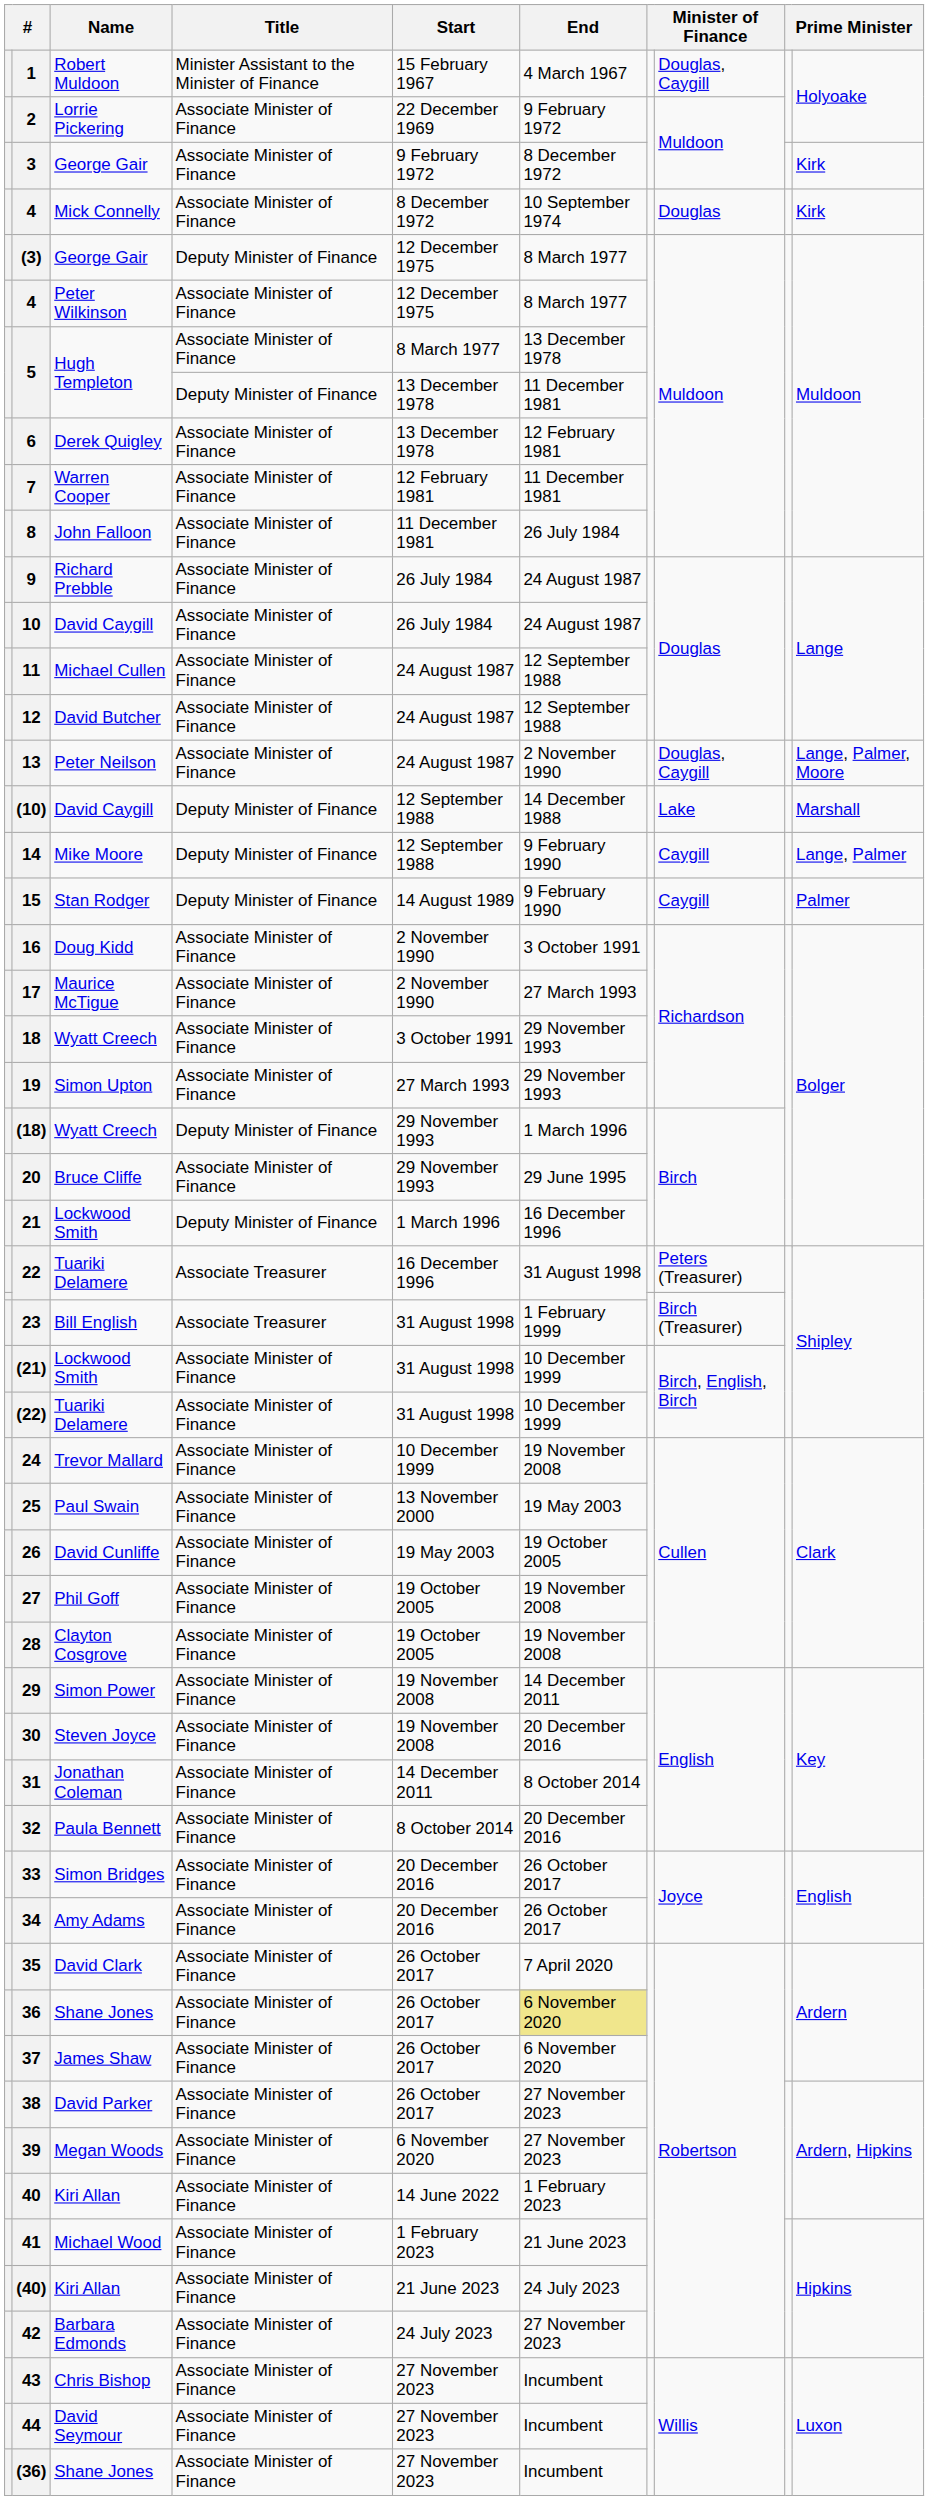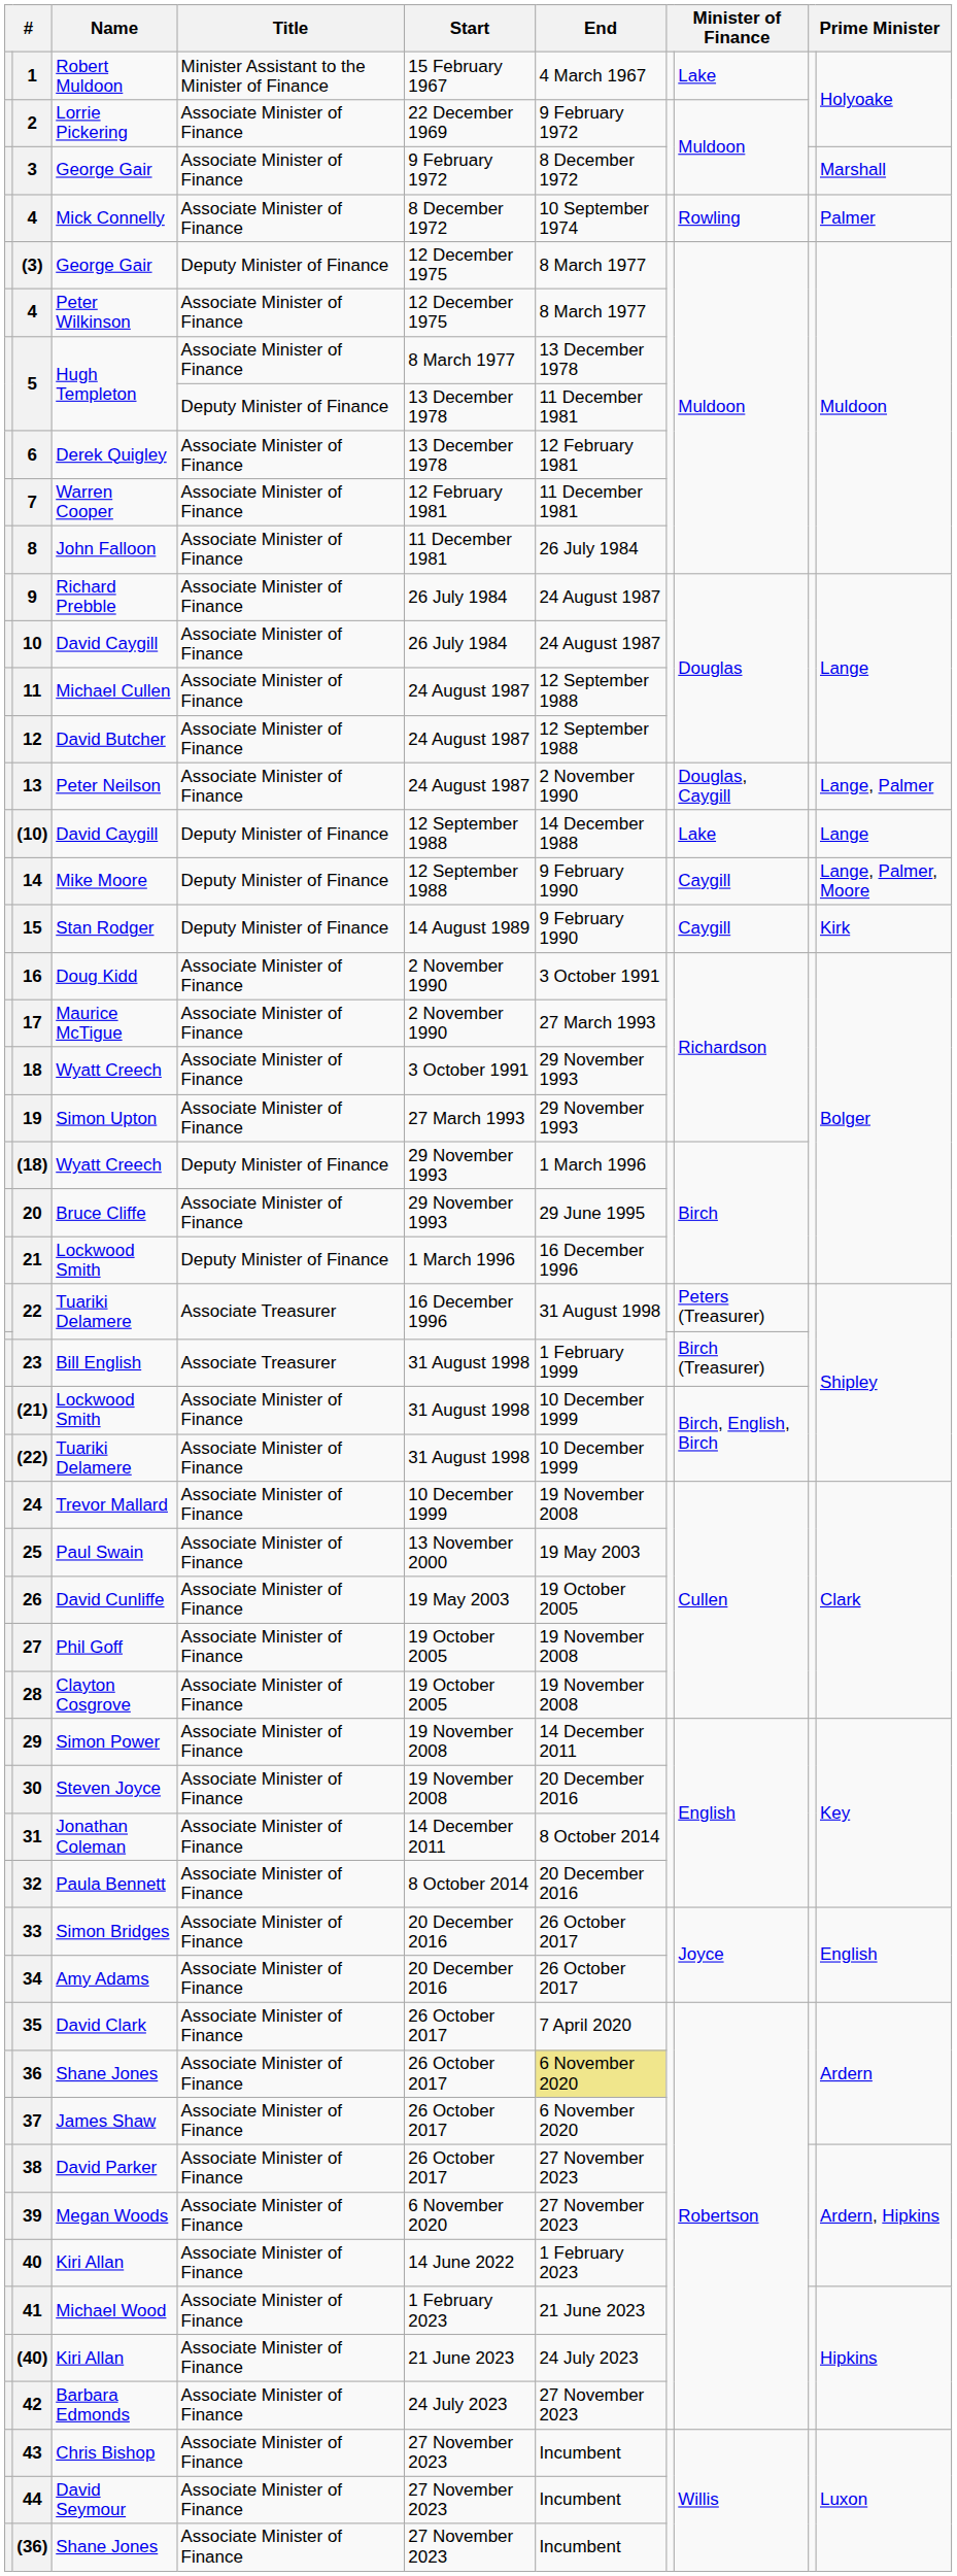 <table class="wikitable">
 <tr>
 <th colspan="2">#</th>
 <th>Name</th>
 <th>Title</th>
 <th>Start</th>
 <th>End</th>
 <th colspan="2">Minister of Finance</th>
 <th colspan="2">Prime Minister</th>
 </tr>
 <tr>
 <th style="color:inherit;background:"></th>
 <th>1</th>
 <td><a href='#'>Robert Muldoon</a></td>
 <td>Minister Assistant to the Minister of Finance</td>
 <td>15 February 1967</td>
 <td>4 March 1967</td>
 <td style="color:inherit;background:"></td>
-<td><a href='#'>Douglas</a>, <a href='#'>Caygill</a></td>
+<td><a href='#'>Lake</a></td>
 <td rowspan="2" style="color:inherit;background:"></td>
 <td rowspan="2"><a href='#'>Holyoake</a></td>
 </tr>
 <tr>
 <th style="color:inherit;background:"></th>
 <th>2</th>
 <td><a href='#'>Lorrie Pickering</a></td>
 <td>Associate Minister of Finance</td>
 <td>22 December 1969</td>
 <td>9 February 1972</td>
 <td rowspan="2" style="color:inherit;background:"></td>
 <td rowspan="2"><a href='#'>Muldoon</a></td>
 </tr>
 <tr>
 <th style="color:inherit;background:"></th>
 <th>3</th>
 <td><a href='#'>George Gair</a></td>
 <td>Associate Minister of Finance</td>
 <td>9 February 1972</td>
 <td>8 December 1972</td>
 <td style="color:inherit;background:"></td>
-<td><a href='#'>Kirk</a></td>
+<td><a href='#'>Marshall</a></td>
 </tr>
 <tr>
 <th style="color:inherit;background:"></th>
 <th>4</th>
 <td><a href='#'>Mick Connelly</a></td>
 <td>Associate Minister of Finance</td>
 <td>8 December 1972</td>
 <td>10 September 1974</td>
 <td style="color:inherit;background:"></td>
-<td><a href='#'>Douglas</a></td>
+<td><a href='#'>Rowling</a></td>
 <td style="color:inherit;background:"></td>
-<td><a href='#'>Kirk</a></td>
+<td><a href='#'>Palmer</a></td>
 </tr>
 <tr>
 <th style="color:inherit;background:"></th>
 <th>(3)</th>
 <td><a href='#'>George Gair</a></td>
 <td>Deputy Minister of Finance</td>
 <td>12 December 1975</td>
 <td>8 March 1977</td>
 <td rowspan="7" style="color:inherit;background:"></td>
 <td rowspan="7"><a href='#'>Muldoon</a></td>
 <td rowspan="7" style="color:inherit;background:"></td>
 <td rowspan="7"><a href='#'>Muldoon</a></td>
 </tr>
 <tr>
 <th style="color:inherit;background:"></th>
 <th>4</th>
 <td><a href='#'>Peter Wilkinson</a></td>
 <td>Associate Minister of Finance</td>
 <td>12 December 1975</td>
 <td>8 March 1977</td>
 </tr>
 <tr>
 <th rowspan="2" style="color:inherit;background:"></th>
 <th rowspan="2">5</th>
 <td rowspan="2"><a href='#'>Hugh Templeton</a></td>
 <td>Associate Minister of Finance</td>
 <td>8 March 1977</td>
 <td>13 December 1978</td>
 </tr>
 <tr>
 <td>Deputy Minister of Finance</td>
 <td>13 December 1978</td>
 <td>11 December 1981</td>
 </tr>
 <tr>
 <th style="color:inherit;background:"></th>
 <th>6</th>
 <td><a href='#'>Derek Quigley</a></td>
 <td>Associate Minister of Finance</td>
 <td>13 December 1978</td>
 <td>12 February 1981</td>
 </tr>
 <tr>
 <th style="color:inherit;background:"></th>
 <th>7</th>
 <td><a href='#'>Warren Cooper</a></td>
 <td>Associate Minister of Finance</td>
 <td>12 February 1981</td>
 <td>11 December 1981</td>
 </tr>
 <tr>
 <th style="color:inherit;background:"></th>
 <th>8</th>
 <td><a href='#'>John Falloon</a></td>
 <td>Associate Minister of Finance</td>
 <td>11 December 1981</td>
 <td>26 July 1984</td>
 </tr>
 <tr>
 <th style="color:inherit;background:"></th>
 <th>9</th>
 <td><a href='#'>Richard Prebble</a></td>
 <td>Associate Minister of Finance</td>
 <td>26 July 1984</td>
 <td>24 August 1987</td>
 <td rowspan="4" style="color:inherit;background:"></td>
 <td rowspan="4"><a href='#'>Douglas</a></td>
 <td rowspan="4" style="color:inherit;background:"></td>
 <td rowspan="4"><a href='#'>Lange</a></td>
 </tr>
 <tr>
 <th style="color:inherit;background:"></th>
 <th>10</th>
 <td><a href='#'>David Caygill</a></td>
 <td>Associate Minister of Finance</td>
 <td>26 July 1984</td>
 <td>24 August 1987</td>
 </tr>
 <tr>
 <th style="color:inherit;background:"></th>
 <th>11</th>
 <td><a href='#'>Michael Cullen</a></td>
 <td>Associate Minister of Finance</td>
 <td>24 August 1987</td>
 <td>12 September 1988</td>
 </tr>
 <tr>
 <th style="color:inherit;background:"></th>
 <th>12</th>
 <td><a href='#'>David Butcher</a></td>
 <td>Associate Minister of Finance</td>
 <td>24 August 1987</td>
 <td>12 September 1988</td>
 </tr>
 <tr>
 <th style="color:inherit;background:"></th>
 <th>13</th>
 <td><a href='#'>Peter Neilson</a></td>
 <td>Associate Minister of Finance</td>
 <td>24 August 1987</td>
 <td>2 November 1990</td>
 <td style="color:inherit;background:"></td>
 <td><a href='#'>Douglas</a>, <a href='#'>Caygill</a></td>
 <td style="color:inherit;background:"></td>
-<td><a href='#'>Lange</a>, <a href='#'>Palmer</a>, <a href='#'>Moore</a></td>
+<td><a href='#'>Lange</a>, <a href='#'>Palmer</a></td>
 </tr>
 <tr>
 <th style="color:inherit;background:"></th>
 <th>(10)</th>
 <td><a href='#'>David Caygill</a></td>
 <td>Deputy Minister of Finance</td>
 <td>12 September 1988</td>
 <td>14 December 1988</td>
 <td style="color:inherit;background:"></td>
 <td><a href='#'>Lake</a></td>
 <td style="color:inherit;background:"></td>
-<td><a href='#'>Marshall</a></td>
+<td><a href='#'>Lange</a></td>
 </tr>
 <tr>
 <th style="color:inherit;background:"></th>
 <th>14</th>
 <td><a href='#'>Mike Moore</a></td>
 <td>Deputy Minister of Finance</td>
 <td>12 September 1988</td>
 <td>9 February 1990</td>
 <td style="color:inherit;background:"></td>
 <td><a href='#'>Caygill</a></td>
 <td style="color:inherit;background:"></td>
-<td><a href='#'>Lange</a>, <a href='#'>Palmer</a></td>
+<td><a href='#'>Lange</a>, <a href='#'>Palmer</a>, <a href='#'>Moore</a></td>
 </tr>
 <tr>
 <th style="color:inherit;background:"></th>
 <th>15</th>
 <td><a href='#'>Stan Rodger</a></td>
 <td>Deputy Minister of Finance</td>
 <td>14 August 1989</td>
 <td>9 February 1990</td>
 <td style="color:inherit;background:"></td>
 <td><a href='#'>Caygill</a></td>
 <td style="color:inherit;background:"></td>
-<td><a href='#'>Palmer</a></td>
+<td><a href='#'>Kirk</a></td>
 </tr>
 <tr>
 <th style="color:inherit;background:"></th>
 <th>16</th>
 <td><a href='#'>Doug Kidd</a></td>
 <td>Associate Minister of Finance</td>
 <td>2 November 1990</td>
 <td>3 October 1991</td>
 <td rowspan="4" style="color:inherit;background:"></td>
 <td rowspan="4"><a href='#'>Richardson</a></td>
 <td rowspan="8" style="color:inherit;background:"></td>
 <td rowspan="8"><a href='#'>Bolger</a></td>
 </tr>
 <tr>
 <th style="color:inherit;background:"></th>
 <th>17</th>
 <td><a href='#'>Maurice McTigue</a></td>
 <td>Associate Minister of Finance</td>
 <td>2 November 1990</td>
 <td>27 March 1993</td>
 </tr>
 <tr>
 <th style="color:inherit;background:"></th>
 <th>18</th>
 <td><a href='#'>Wyatt Creech</a></td>
 <td>Associate Minister of Finance</td>
 <td>3 October 1991</td>
 <td>29 November 1993</td>
 </tr>
 <tr>
 <th style="color:inherit;background:"></th>
 <th>19</th>
 <td><a href='#'>Simon Upton</a></td>
 <td>Associate Minister of Finance</td>
 <td>27 March 1993</td>
 <td>29 November 1993</td>
 </tr>
 <tr>
 <th style="color:inherit;background:"></th>
 <th>(18)</th>
 <td><a href='#'>Wyatt Creech</a></td>
 <td>Deputy Minister of Finance</td>
 <td>29 November 1993</td>
 <td>1 March 1996</td>
 <td rowspan="3" style="color:inherit;background:"></td>
 <td rowspan="3"><a href='#'>Birch</a></td>
 </tr>
 <tr>
 <th style="color:inherit;background:"></th>
 <th>20</th>
 <td><a href='#'>Bruce Cliffe</a></td>
 <td>Associate Minister of Finance</td>
 <td>29 November 1993</td>
 <td>29 June 1995</td>
 </tr>
 <tr>
 <th style="color:inherit;background:"></th>
 <th>21</th>
 <td><a href='#'>Lockwood Smith</a></td>
 <td>Deputy Minister of Finance</td>
 <td>1 March 1996</td>
 <td>16 December 1996</td>
 </tr>
 <tr>
 <th rowspan="2" style="color:inherit;background:"></th>
 <th rowspan="3">22</th>
 <td rowspan="3"><a href='#'>Tuariki Delamere</a></td>
 <td rowspan="3">Associate Treasurer</td>
 <td rowspan="3">16 December 1996</td>
 <td rowspan="3">31 August 1998</td>
 <td rowspan="2" style="color:inherit;background:"></td>
 <td rowspan="2"><a href='#'>Peters</a> (Treasurer)</td>
 </tr>
 <tr>
 <td rowspan="5" style="color:inherit;background:"></td>
 <td rowspan="5"><a href='#'>Shipley</a></td>
 </tr>
 <tr>
 <th style="color:inherit;background:"></th>
 <td rowspan="2" style="color:inherit;background:"></td>
 <td rowspan="2"><a href='#'>Birch</a> (Treasurer)</td>
 </tr>
 <tr>
 <th style="color:inherit;background:"></th>
 <th>23</th>
 <td><a href='#'>Bill English</a></td>
 <td>Associate Treasurer</td>
 <td>31 August 1998</td>
 <td>1 February 1999</td>
 </tr>
 <tr>
 <th style="color:inherit;background:"></th>
 <th>(21)</th>
 <td><a href='#'>Lockwood Smith</a></td>
 <td>Associate Minister of Finance</td>
 <td>31 August 1998</td>
 <td>10 December 1999</td>
 <td rowspan="2" style="color:inherit;background:"></td>
 <td rowspan="2"><a href='#'>Birch</a>, <a href='#'>English</a>, <a href='#'>Birch</a></td>
 </tr>
 <tr>
 <th style="color:inherit;background:"></th>
 <th>(22)</th>
 <td><a href='#'>Tuariki Delamere</a></td>
 <td>Associate Minister of Finance</td>
 <td>31 August 1998</td>
 <td>10 December 1999</td>
 </tr>
 <tr>
 <th style="color:inherit;background:"></th>
 <th>24</th>
 <td><a href='#'>Trevor Mallard</a></td>
 <td>Associate Minister of Finance</td>
 <td>10 December 1999</td>
 <td>19 November 2008</td>
 <td rowspan="5" style="color:inherit;background:"></td>
 <td rowspan="5"><a href='#'>Cullen</a></td>
 <td rowspan="5" style="color:inherit;background:"></td>
 <td rowspan="5"><a href='#'>Clark</a></td>
 </tr>
 <tr>
 <th style="color:inherit;background:"></th>
 <th>25</th>
 <td><a href='#'>Paul Swain</a></td>
 <td>Associate Minister of Finance</td>
 <td>13 November 2000</td>
 <td>19 May 2003</td>
 </tr>
 <tr>
 <th style="color:inherit;background:"></th>
 <th>26</th>
 <td><a href='#'>David Cunliffe</a></td>
 <td>Associate Minister of Finance</td>
 <td>19 May 2003</td>
 <td>19 October 2005</td>
 </tr>
 <tr>
 <th style="color:inherit;background:"></th>
 <th>27</th>
 <td><a href='#'>Phil Goff</a></td>
 <td>Associate Minister of Finance</td>
 <td>19 October 2005</td>
 <td>19 November 2008</td>
 </tr>
 <tr>
 <th style="color:inherit;background:"></th>
 <th>28</th>
 <td><a href='#'>Clayton Cosgrove</a></td>
 <td>Associate Minister of Finance</td>
 <td>19 October 2005</td>
 <td>19 November 2008</td>
 </tr>
 <tr>
 <th style="color:inherit;background:"></th>
 <th>29</th>
 <td><a href='#'>Simon Power</a></td>
 <td>Associate Minister of Finance</td>
 <td>19 November 2008</td>
 <td>14 December 2011</td>
 <td rowspan="4" style="color:inherit;background:"></td>
 <td rowspan="4"><a href='#'>English</a></td>
 <td rowspan="4" style="color:inherit;background:"></td>
 <td rowspan="4"><a href='#'>Key</a></td>
 </tr>
 <tr>
 <th style="color:inherit;background:"></th>
 <th>30</th>
 <td><a href='#'>Steven Joyce</a></td>
 <td>Associate Minister of Finance</td>
 <td>19 November 2008</td>
 <td>20 December 2016</td>
 </tr>
 <tr>
 <th style="color:inherit;background:"></th>
 <th>31</th>
 <td><a href='#'>Jonathan Coleman</a></td>
 <td>Associate Minister of Finance</td>
 <td>14 December 2011</td>
 <td>8 October 2014</td>
 </tr>
 <tr>
 <th style="color:inherit;background:"></th>
 <th>32</th>
 <td><a href='#'>Paula Bennett</a></td>
 <td>Associate Minister of Finance</td>
 <td>8 October 2014</td>
 <td>20 December 2016</td>
 </tr>
 <tr>
 <th style="color:inherit;background:"></th>
 <th>33</th>
 <td><a href='#'>Simon Bridges</a></td>
 <td>Associate Minister of Finance</td>
 <td>20 December 2016</td>
 <td>26 October 2017</td>
 <td rowspan="2" style="color:inherit;background:"></td>
 <td rowspan="2"><a href='#'>Joyce</a></td>
 <td rowspan="2" style="color:inherit;background:"></td>
 <td rowspan="2"><a href='#'>English</a></td>
 </tr>
 <tr>
 <th style="color:inherit;background:"></th>
 <th>34</th>
 <td><a href='#'>Amy Adams</a></td>
 <td>Associate Minister of Finance</td>
 <td>20 December 2016</td>
 <td>26 October 2017</td>
 </tr>
 <tr>
 <th style="color:inherit;background:"></th>
 <th>35</th>
 <td><a href='#'>David Clark</a></td>
 <td>Associate Minister of Finance</td>
 <td>26 October 2017</td>
 <td>7 April 2020</td>
 <td rowspan="9" style="color:inherit;background:"></td>
 <td rowspan="9"><a href='#'>Robertson</a></td>
 <td rowspan="3" style="color:inherit;background:"></td>
 <td rowspan="3"><a href='#'>Ardern</a></td>
 </tr>
 <tr>
 <th style="color:inherit;background:"></th>
 <th>36</th>
 <td><a href='#'>Shane Jones</a></td>
 <td>Associate Minister of Finance</td>
 <td>26 October 2017</td>
 <td style="background: khaki;">6 November 2020</td>
 </tr>
 <tr>
 <th style="color:inherit;background:"></th>
 <th>37</th>
 <td><a href='#'>James Shaw</a></td>
 <td>Associate Minister of Finance</td>
 <td>26 October 2017</td>
 <td>6 November 2020</td>
 </tr>
 <tr>
 <th style="color:inherit;background:"></th>
 <th>38</th>
 <td><a href='#'>David Parker</a></td>
 <td>Associate Minister of Finance</td>
 <td>26 October 2017</td>
 <td>27 November 2023</td>
 <td rowspan="3" style="color:inherit;background:"></td>
 <td rowspan="3"><a href='#'>Ardern</a>, <a href='#'>Hipkins</a></td>
 </tr>
 <tr>
 <th style="color:inherit;background:"></th>
 <th>39</th>
 <td><a href='#'>Megan Woods</a></td>
 <td>Associate Minister of Finance</td>
 <td>6 November 2020</td>
 <td>27 November 2023</td>
 </tr>
 <tr>
 <th style="color:inherit;background:"></th>
 <th>40</th>
 <td><a href='#'>Kiri Allan</a></td>
 <td>Associate Minister of Finance</td>
 <td>14 June 2022</td>
 <td>1 February 2023</td>
 </tr>
 <tr>
 <th style="color:inherit;background:"></th>
 <th>41</th>
 <td><a href='#'>Michael Wood</a></td>
 <td>Associate Minister of Finance</td>
 <td>1 February 2023</td>
 <td>21 June 2023</td>
 <td rowspan="3" style="color:inherit;background:"></td>
 <td rowspan="3"><a href='#'>Hipkins</a></td>
 </tr>
 <tr>
 <th style="color:inherit;background:"></th>
 <th>(40)</th>
 <td><a href='#'>Kiri Allan</a></td>
 <td>Associate Minister of Finance</td>
 <td>21 June 2023</td>
 <td>24 July 2023</td>
 </tr>
 <tr>
 <th style="color:inherit;background:"></th>
 <th>42</th>
 <td><a href='#'>Barbara Edmonds</a></td>
 <td>Associate Minister of Finance</td>
 <td>24 July 2023</td>
 <td>27 November 2023</td>
 </tr>
 <tr>
 <th style="color:inherit;background:"></th>
 <th>43</th>
 <td><a href='#'>Chris Bishop</a></td>
 <td>Associate Minister of Finance</td>
 <td>27 November 2023</td>
 <td>Incumbent</td>
 <td rowspan="3" style="color:inherit;background:"></td>
 <td rowspan="3"><a href='#'>Willis</a></td>
 <td rowspan="3" style="color:inherit;background:"></td>
 <td rowspan="3"><a href='#'>Luxon</a></td>
 </tr>
 <tr>
 <th style="color:inherit;background:"></th>
 <th>44</th>
 <td><a href='#'>David Seymour</a></td>
 <td>Associate Minister of Finance</td>
 <td>27 November 2023</td>
 <td>Incumbent</td>
 </tr>
 <tr>
 <th style="color:inherit;background:"></th>
 <th>(36)</th>
 <td><a href='#'>Shane Jones</a></td>
 <td>Associate Minister of Finance</td>
 <td>27 November 2023</td>
 <td>Incumbent</td>
 </tr>
 </table>
